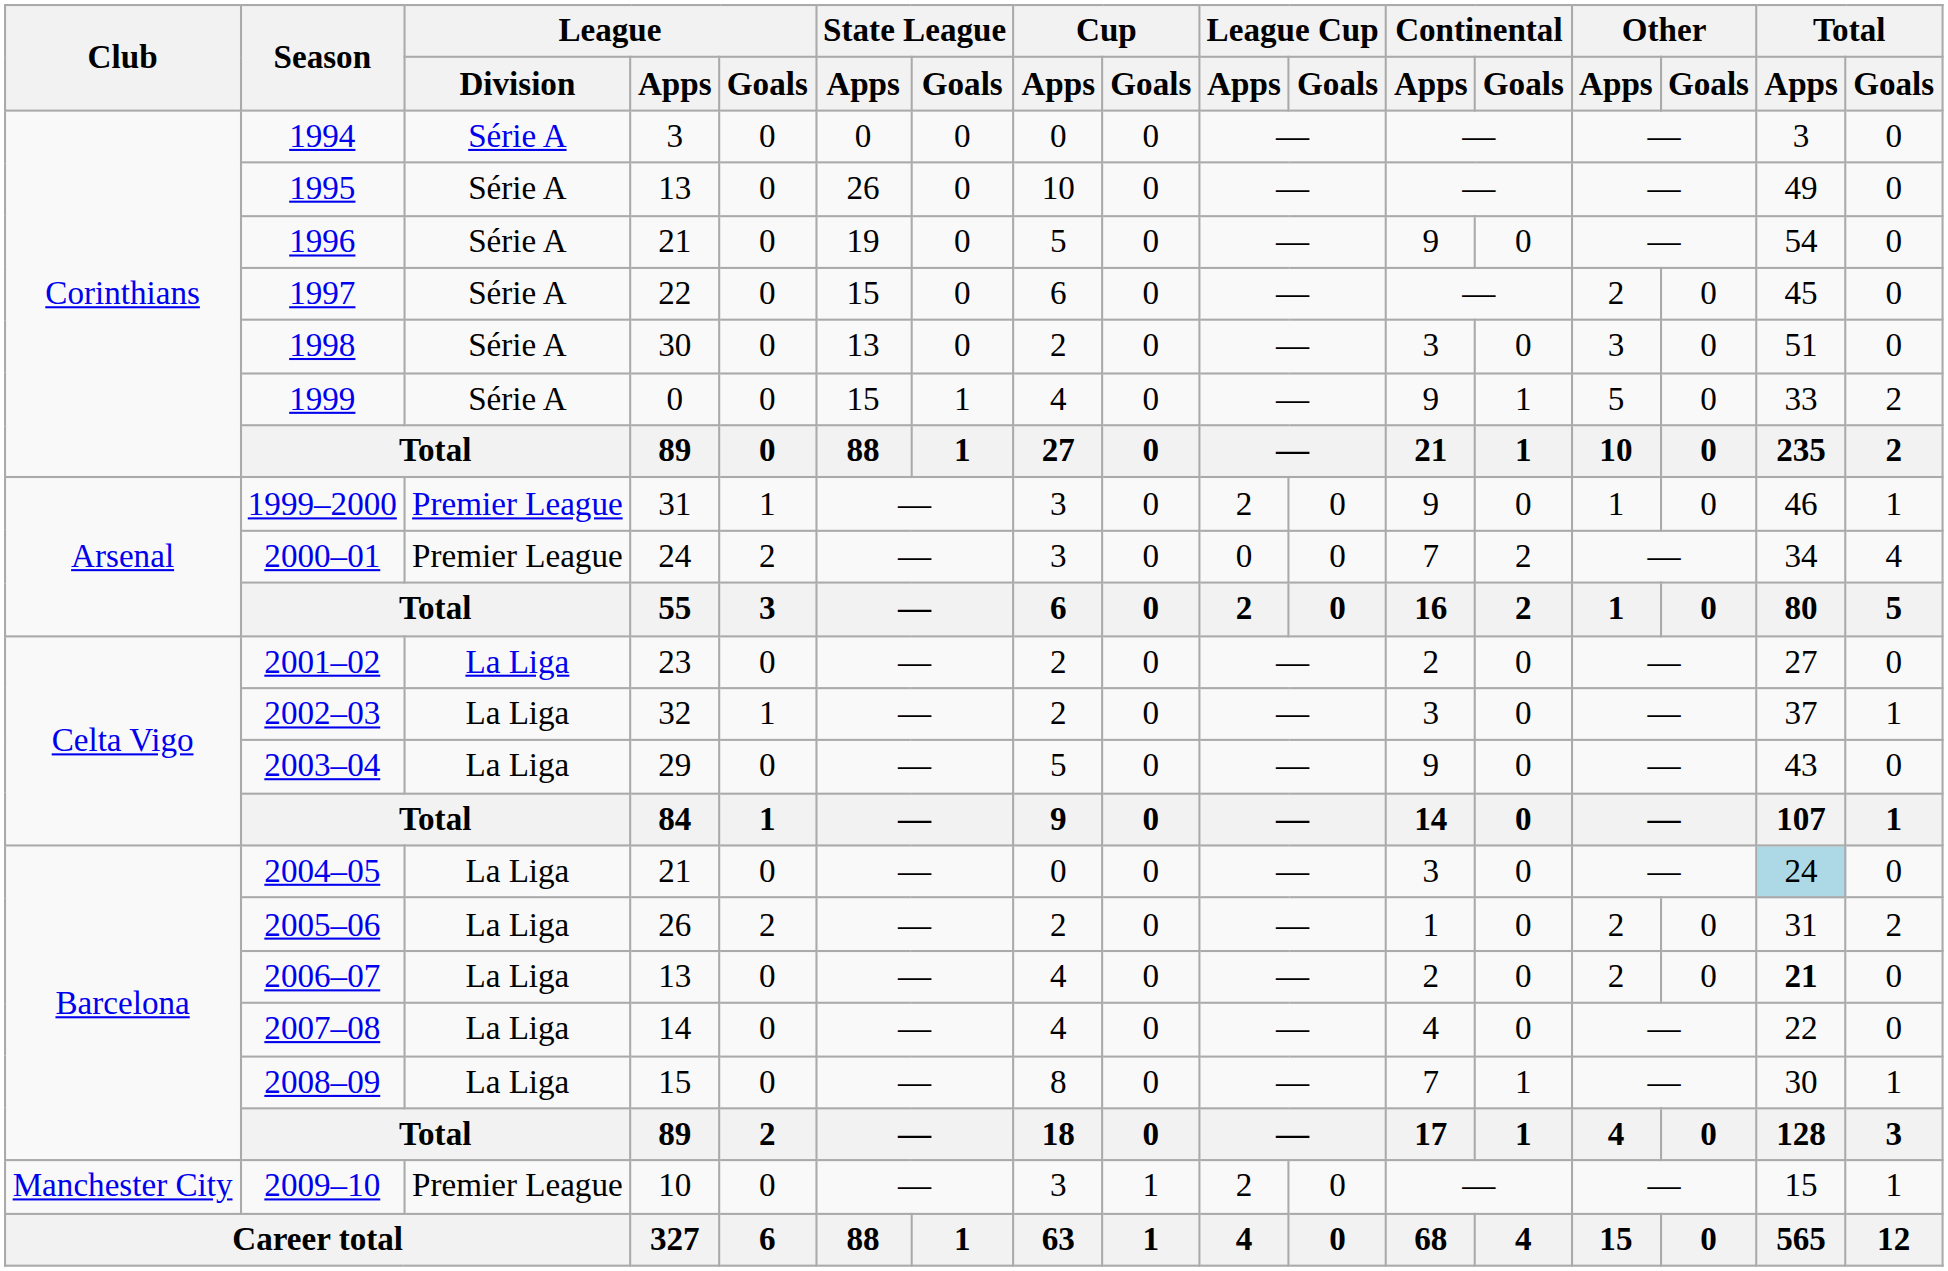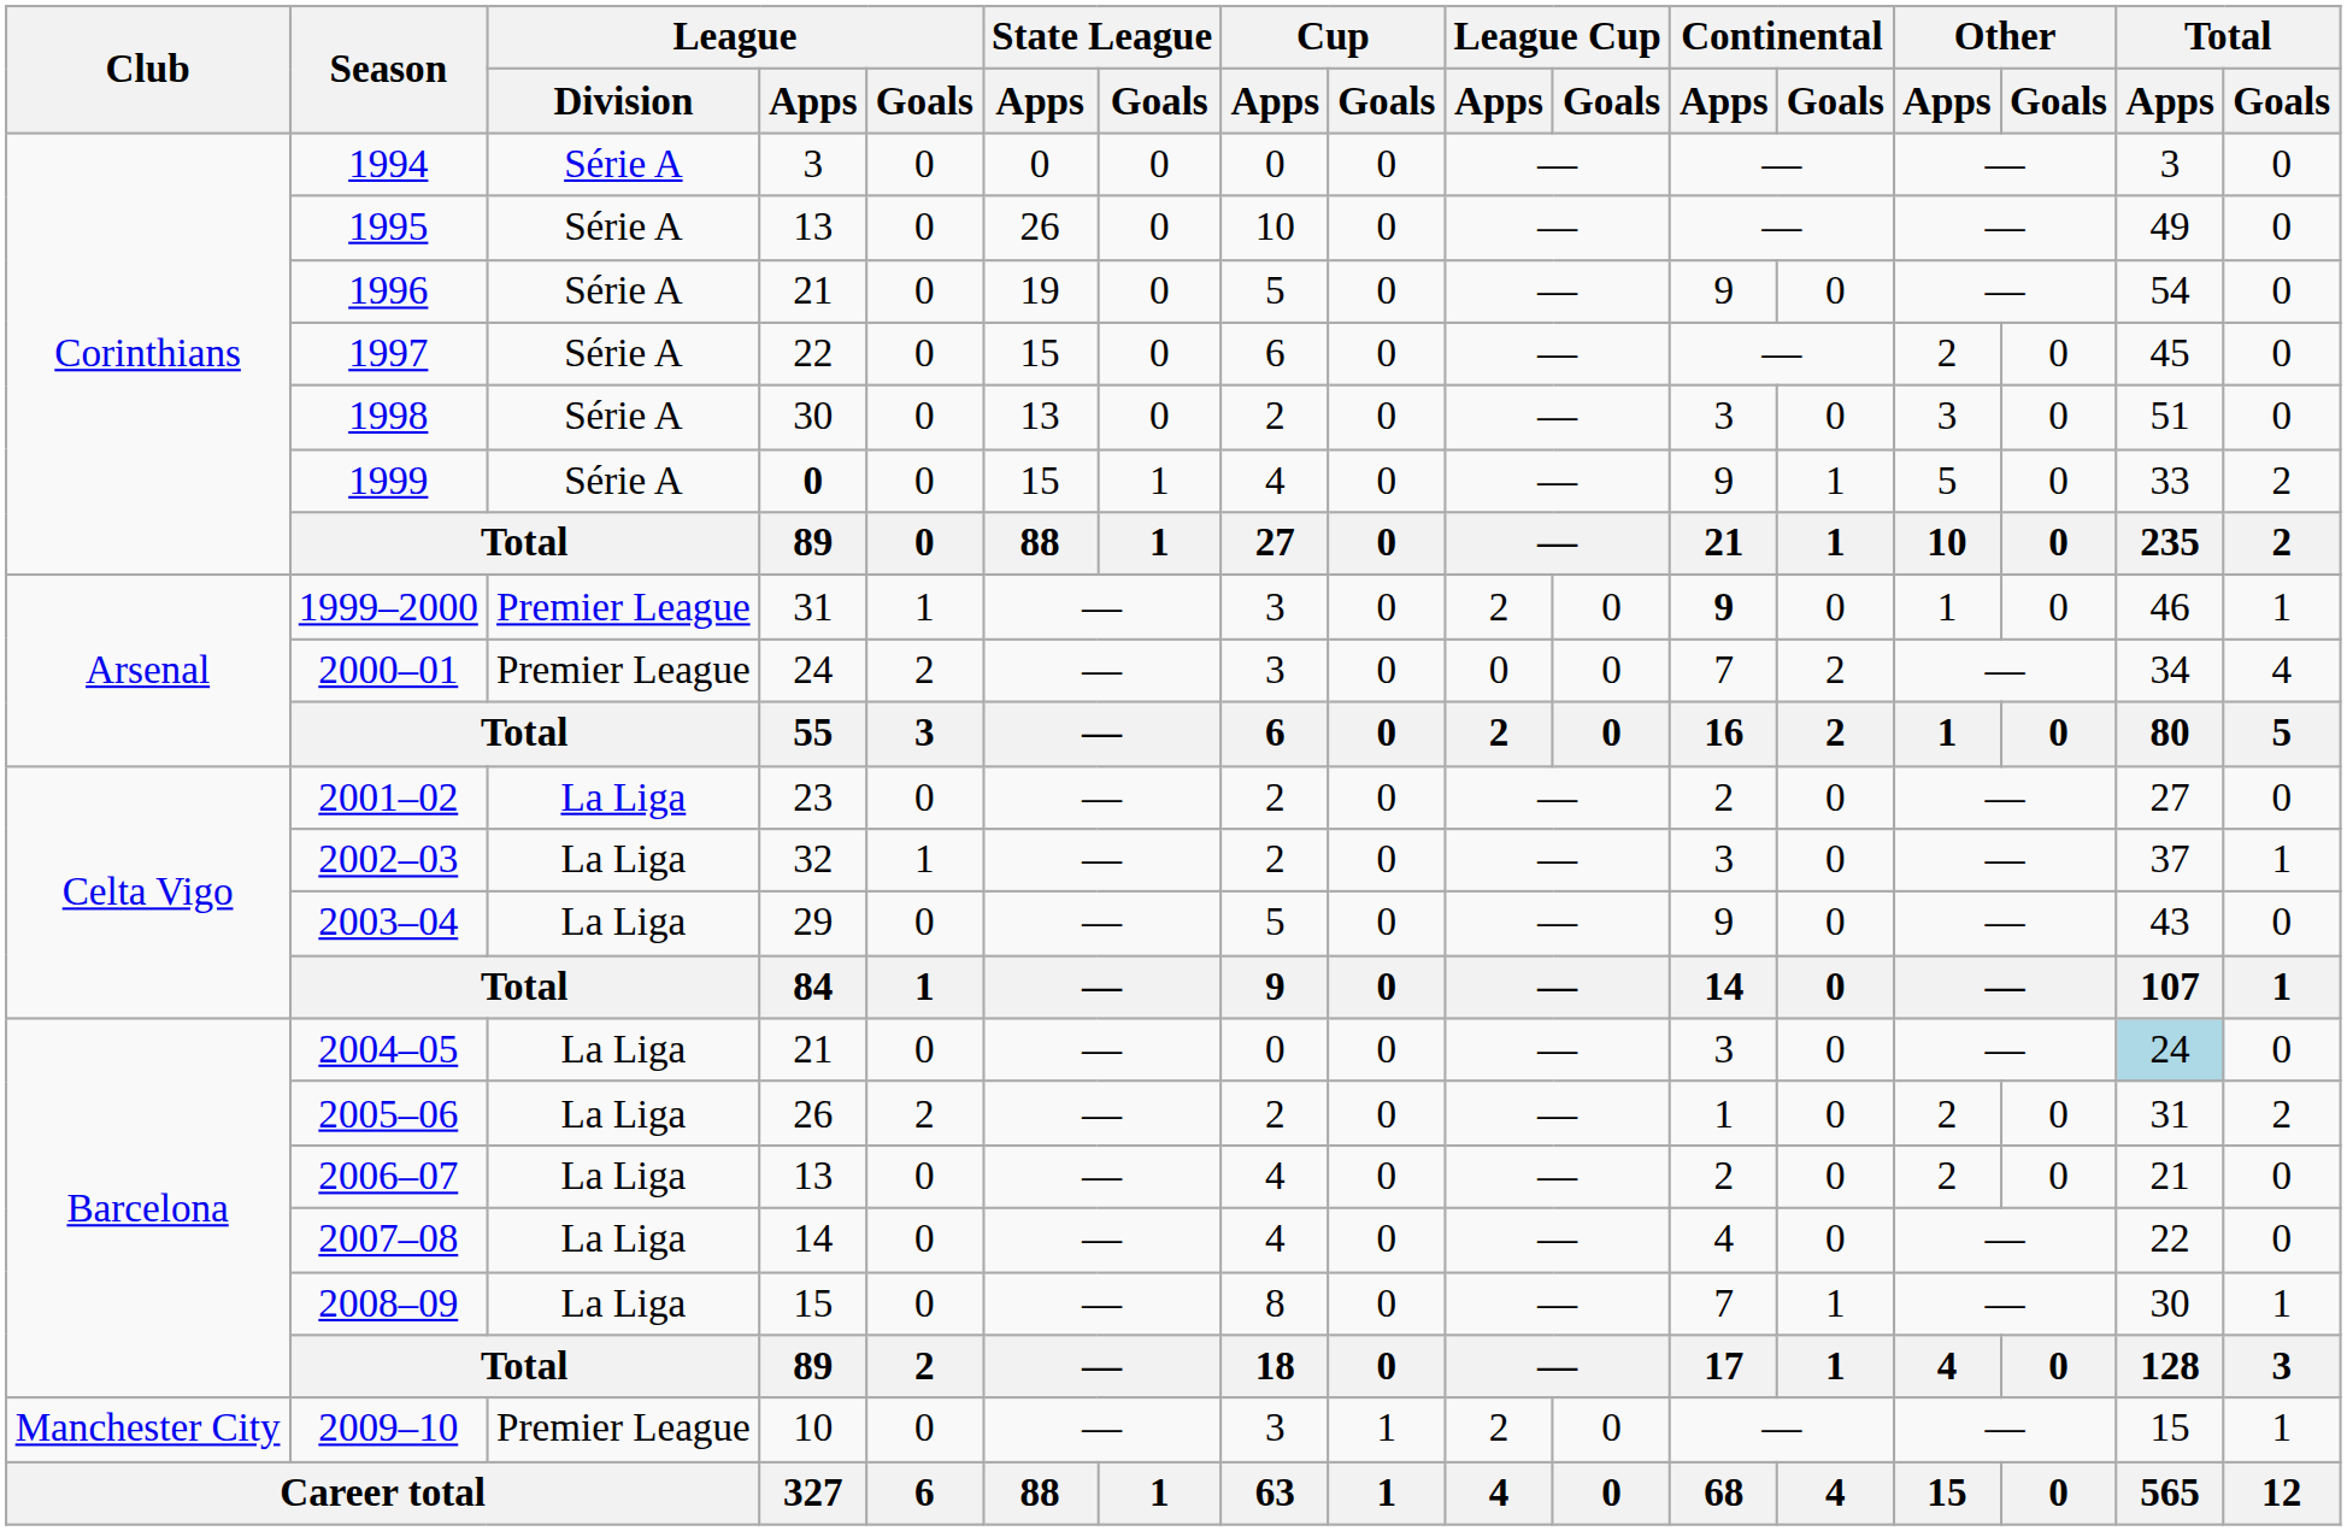 <table class="wikitable" style="text-align:center">
 <tr>
 <th rowspan="2">Club</th>
 <th rowspan="2">Season</th>
 <th colspan="3">League</th>
 <th colspan="2">State League</th>
 <th colspan="2">Cup</th>
 <th colspan="2">League Cup</th>
 <th colspan="2">Continental</th>
 <th colspan="2">Other</th>
 <th colspan="2">Total</th>
 </tr>
 <tr>
 <th>Division</th>
 <th>Apps</th>
 <th>Goals</th>
 <th>Apps</th>
 <th>Goals</th>
 <th>Apps</th>
 <th>Goals</th>
 <th>Apps</th>
 <th>Goals</th>
 <th>Apps</th>
 <th>Goals</th>
 <th>Apps</th>
 <th>Goals</th>
 <th>Apps</th>
 <th>Goals</th>
 </tr>
 <tr>
 <td rowspan="7"><a href='#'>Corinthians</a></td>
 <td><a href='#'>1994</a></td>
 <td><a href='#'>Série A</a></td>
 <td>3</td>
 <td>0</td>
 <td>0</td>
 <td>0</td>
 <td>0</td>
 <td>0</td>
 <td colspan="2">—</td>
 <td colspan="2">—</td>
 <td colspan="2">—</td>
 <td>3</td>
 <td>0</td>
 </tr>
 <tr>
 <td><a href='#'>1995</a></td>
 <td>Série A</td>
 <td>13</td>
 <td>0</td>
 <td>26</td>
 <td>0</td>
 <td>10</td>
 <td>0</td>
 <td colspan="2">—</td>
 <td colspan="2">—</td>
 <td colspan="2">—</td>
 <td>49</td>
 <td>0</td>
 </tr>
 <tr>
 <td><a href='#'>1996</a></td>
 <td>Série A</td>
 <td>21</td>
 <td>0</td>
 <td>19</td>
 <td>0</td>
 <td>5</td>
 <td>0</td>
 <td colspan="2">—</td>
 <td>9</td>
 <td>0</td>
 <td colspan="2">—</td>
 <td>54</td>
 <td>0</td>
 </tr>
 <tr>
 <td><a href='#'>1997</a></td>
 <td>Série A</td>
 <td>22</td>
 <td>0</td>
 <td>15</td>
 <td>0</td>
 <td>6</td>
 <td>0</td>
 <td colspan="2">—</td>
 <td colspan="2">—</td>
 <td>2</td>
 <td>0</td>
 <td>45</td>
 <td>0</td>
 </tr>
 <tr>
 <td><a href='#'>1998</a></td>
 <td>Série A</td>
 <td>30</td>
 <td>0</td>
 <td>13</td>
 <td>0</td>
 <td>2</td>
 <td>0</td>
 <td colspan="2">—</td>
 <td>3</td>
 <td>0</td>
 <td>3</td>
 <td>0</td>
 <td>51</td>
 <td>0</td>
 </tr>
 <tr>
 <td><a href='#'>1999</a></td>
 <td>Série A</td>
-<td>0</td>
+<td><strong>0</strong></td>
 <td>0</td>
 <td>15</td>
 <td>1</td>
 <td>4</td>
 <td>0</td>
 <td colspan="2">—</td>
 <td>9</td>
 <td>1</td>
 <td>5</td>
 <td>0</td>
 <td>33</td>
 <td>2</td>
 </tr>
 <tr>
 <th colspan="2">Total</th>
 <th>89</th>
 <th>0</th>
 <th>88</th>
 <th>1</th>
 <th>27</th>
 <th>0</th>
 <th colspan="2">—</th>
 <th>21</th>
 <th>1</th>
 <th>10</th>
 <th>0</th>
 <th>235</th>
 <th>2</th>
 </tr>
 <tr>
 <td rowspan="3"><a href='#'>Arsenal</a></td>
 <td><a href='#'>1999–2000</a></td>
 <td><a href='#'>Premier League</a></td>
 <td>31</td>
 <td>1</td>
 <td colspan="2">—</td>
 <td>3</td>
 <td>0</td>
 <td>2</td>
 <td>0</td>
-<td>9</td>
+<td><strong>9</strong></td>
 <td>0</td>
 <td>1</td>
 <td>0</td>
 <td>46</td>
 <td>1</td>
 </tr>
 <tr>
 <td><a href='#'>2000–01</a></td>
 <td>Premier League</td>
 <td>24</td>
 <td>2</td>
 <td colspan="2">—</td>
 <td>3</td>
 <td>0</td>
 <td>0</td>
 <td>0</td>
 <td>7</td>
 <td>2</td>
 <td colspan="2">—</td>
 <td>34</td>
 <td>4</td>
 </tr>
 <tr>
 <th colspan="2">Total</th>
 <th>55</th>
 <th>3</th>
 <th colspan="2">—</th>
 <th>6</th>
 <th>0</th>
 <th>2</th>
 <th>0</th>
 <th>16</th>
 <th>2</th>
 <th>1</th>
 <th>0</th>
 <th>80</th>
 <th>5</th>
 </tr>
 <tr>
 <td rowspan="4"><a href='#'>Celta Vigo</a></td>
 <td><a href='#'>2001–02</a></td>
 <td><a href='#'>La Liga</a></td>
 <td>23</td>
 <td>0</td>
 <td colspan="2">—</td>
 <td>2</td>
 <td>0</td>
 <td colspan="2">—</td>
 <td>2</td>
 <td>0</td>
 <td colspan="2">—</td>
 <td>27</td>
 <td>0</td>
 </tr>
 <tr>
 <td><a href='#'>2002–03</a></td>
 <td>La Liga</td>
 <td>32</td>
 <td>1</td>
 <td colspan="2">—</td>
 <td>2</td>
 <td>0</td>
 <td colspan="2">—</td>
 <td>3</td>
 <td>0</td>
 <td colspan="2">—</td>
 <td>37</td>
 <td>1</td>
 </tr>
 <tr>
 <td><a href='#'>2003–04</a></td>
 <td>La Liga</td>
 <td>29</td>
 <td>0</td>
 <td colspan="2">—</td>
 <td>5</td>
 <td>0</td>
 <td colspan="2">—</td>
 <td>9</td>
 <td>0</td>
 <td colspan="2">—</td>
 <td>43</td>
 <td>0</td>
 </tr>
 <tr>
 <th colspan="2">Total</th>
 <th>84</th>
 <th>1</th>
 <th colspan="2">—</th>
 <th>9</th>
 <th>0</th>
 <th colspan="2">—</th>
 <th>14</th>
 <th>0</th>
 <th colspan="2">—</th>
 <th>107</th>
 <th>1</th>
 </tr>
 <tr>
 <td rowspan="6"><a href='#'>Barcelona</a></td>
 <td><a href='#'>2004–05</a></td>
 <td>La Liga</td>
 <td>21</td>
 <td>0</td>
 <td colspan="2">—</td>
 <td>0</td>
 <td>0</td>
 <td colspan="2">—</td>
 <td>3</td>
 <td>0</td>
 <td colspan="2">—</td>
 <td style="background: lightblue;">24</td>
 <td>0</td>
 </tr>
 <tr>
 <td><a href='#'>2005–06</a></td>
 <td>La Liga</td>
 <td>26</td>
 <td>2</td>
 <td colspan="2">—</td>
 <td>2</td>
 <td>0</td>
 <td colspan="2">—</td>
 <td>1</td>
 <td>0</td>
 <td>2</td>
 <td>0</td>
 <td>31</td>
 <td>2</td>
 </tr>
 <tr>
 <td><a href='#'>2006–07</a></td>
 <td>La Liga</td>
 <td>13</td>
 <td>0</td>
 <td colspan="2">—</td>
 <td>4</td>
 <td>0</td>
 <td colspan="2">—</td>
 <td>2</td>
 <td>0</td>
 <td>2</td>
 <td>0</td>
-<td><strong>21</strong></td>
+<td>21</td>
 <td>0</td>
 </tr>
 <tr>
 <td><a href='#'>2007–08</a></td>
 <td>La Liga</td>
 <td>14</td>
 <td>0</td>
 <td colspan="2">—</td>
 <td>4</td>
 <td>0</td>
 <td colspan="2">—</td>
 <td>4</td>
 <td>0</td>
 <td colspan="2">—</td>
 <td>22</td>
 <td>0</td>
 </tr>
 <tr>
 <td><a href='#'>2008–09</a></td>
 <td>La Liga</td>
 <td>15</td>
 <td>0</td>
 <td colspan="2">—</td>
 <td>8</td>
 <td>0</td>
 <td colspan="2">—</td>
 <td>7</td>
 <td>1</td>
 <td colspan="2">—</td>
 <td>30</td>
 <td>1</td>
 </tr>
 <tr>
 <th colspan="2">Total</th>
 <th>89</th>
 <th>2</th>
 <th colspan="2">—</th>
 <th>18</th>
 <th>0</th>
 <th colspan="2">—</th>
 <th>17</th>
 <th>1</th>
 <th>4</th>
 <th>0</th>
 <th>128</th>
 <th>3</th>
 </tr>
 <tr>
 <td><a href='#'>Manchester City</a></td>
 <td><a href='#'>2009–10</a></td>
 <td>Premier League</td>
 <td>10</td>
 <td>0</td>
 <td colspan="2">—</td>
 <td>3</td>
 <td>1</td>
 <td>2</td>
 <td>0</td>
 <td colspan="2">—</td>
 <td colspan="2">—</td>
 <td>15</td>
 <td>1</td>
 </tr>
 <tr>
 <th colspan="3">Career total</th>
 <th>327</th>
 <th>6</th>
 <th>88</th>
 <th>1</th>
 <th>63</th>
 <th>1</th>
 <th>4</th>
 <th>0</th>
 <th>68</th>
 <th>4</th>
 <th>15</th>
 <th>0</th>
 <th>565</th>
 <th>12</th>
 </tr>
 </table>
